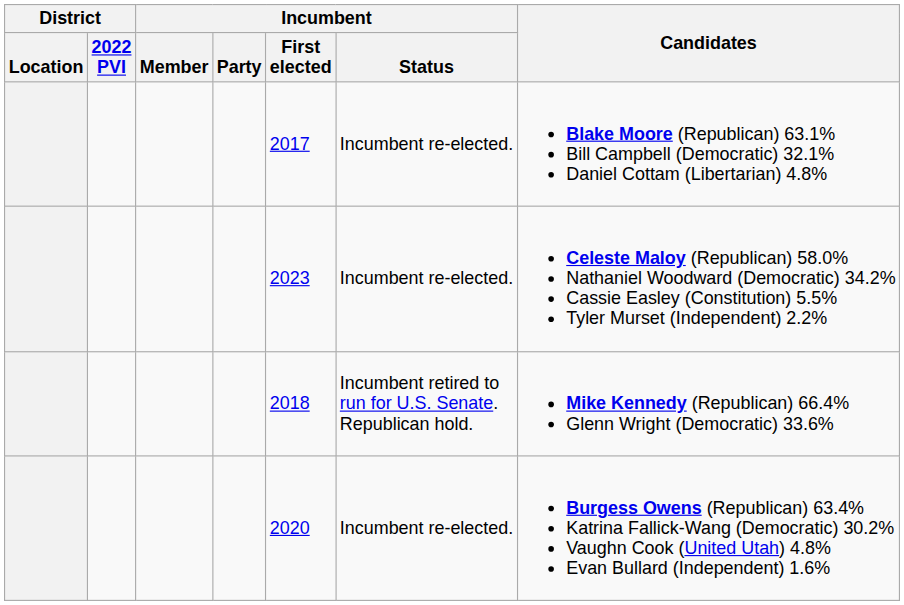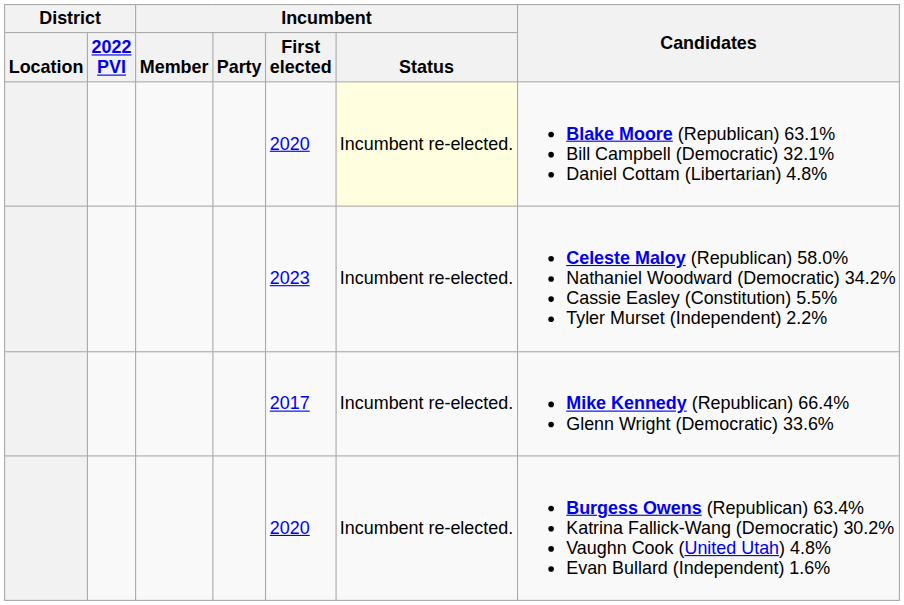 <table class="wikitable sortable">
 <tr>
 <th colspan=2>District</th>
 <th colspan=4>Incumbent</th>
 <th rowspan=2 class="unsortable">Candidates</th>
 </tr>
 <tr valign=bottom>
 <th>Location</th>
 <th><a href='#'>2022<br>PVI</a></th>
 <th>Member</th>
 <th>Party</th>
 <th>First<br>elected</th>
 <th>Status</th>
 </tr>
 <tr>
 <th></th>
 <td></td>
 <td></td>
 <td></td>
-<td><a href='#'>2017</a></td>
-<td>Incumbent re-elected.</td>
+<td><a href='#'>2020</a></td>
+<td style="background: lightyellow;">Incumbent re-elected.</td>
 <td nowrap><br><ul><li> <strong><a href='#'>Blake Moore</a></strong> (Republican) 63.1%</li><li>Bill Campbell (Democratic) 32.1%</li><li>Daniel Cottam (Libertarian) 4.8%</li></ul></td>
 </tr>
 <tr>
 <th></th>
 <td></td>
 <td></td>
 <td></td>
 <td><a href='#'>2023 </a></td>
 <td>Incumbent re-elected.</td>
 <td nowrap><br><ul><li> <strong><a href='#'>Celeste Maloy</a></strong> (Republican) 58.0%</li><li>Nathaniel Woodward (Democratic) 34.2%</li><li>Cassie Easley (Constitution) 5.5%</li><li>Tyler Murset (Independent) 2.2%</li></ul></td>
 </tr>
 <tr>
 <th></th>
 <td></td>
 <td></td>
 <td></td>
-<td><a href='#'>2018 </a></td>
-<td>Incumbent retired to<br><a href='#'>run for U.S. Senate</a>.<br>Republican hold.</td>
+<td><a href='#'>2017 </a></td>
+<td>Incumbent re-elected.</td>
 <td nowrap><br><ul><li> <strong><a href='#'>Mike Kennedy</a></strong> (Republican) 66.4%</li><li>Glenn Wright (Democratic) 33.6%</li></ul></td>
 </tr>
 <tr>
 <th></th>
 <td></td>
 <td></td>
 <td></td>
 <td><a href='#'>2020</a></td>
 <td>Incumbent re-elected.</td>
 <td nowrap><br><ul><li> <strong><a href='#'>Burgess Owens</a></strong> (Republican) 63.4%</li><li>Katrina Fallick-Wang (Democratic) 30.2%</li><li>Vaughn Cook (<a href='#'>United Utah</a>) 4.8%</li><li>Evan Bullard (Independent) 1.6%</li></ul></td>
 </tr>
 </table>
